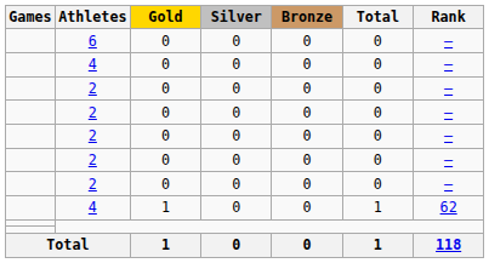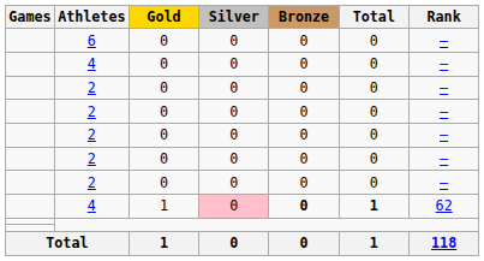 <table class="wikitable" style="text-align:center; font-size:90%;">
 <tr>
 <th>Games</th>
 <th>Athletes</th>
 <th style="background:gold; width:4.5em; font-weight:bold;">Gold</th>
 <th style="background:silver; width:4.5em; font-weight:bold;">Silver</th>
 <th style="background:#cc9966; width:4.5em; font-weight:bold;">Bronze</th>
 <th style="width:4.5em; font-weight:bold;">Total</th>
 <th style="width:4.5em; font-weight:bold;">Rank</th>
 </tr>
 <tr>
 <td align=left></td>
 <td><a href='#'>6</a></td>
 <td>0</td>
 <td>0</td>
 <td>0</td>
 <td>0</td>
 <td><a href='#'>–</a></td>
 </tr>
 <tr>
 <td align=left></td>
 <td><a href='#'>4</a></td>
 <td>0</td>
 <td>0</td>
 <td>0</td>
 <td>0</td>
 <td><a href='#'>–</a></td>
 </tr>
 <tr>
 <td align=left></td>
 <td><a href='#'>2</a></td>
 <td>0</td>
 <td>0</td>
 <td>0</td>
 <td>0</td>
 <td><a href='#'>–</a></td>
 </tr>
 <tr>
 <td align=left></td>
 <td><a href='#'>2</a></td>
 <td>0</td>
 <td>0</td>
 <td>0</td>
 <td>0</td>
 <td><a href='#'>–</a></td>
 </tr>
 <tr>
 <td align=left></td>
 <td><a href='#'>2</a></td>
 <td>0</td>
 <td>0</td>
 <td>0</td>
 <td>0</td>
 <td><a href='#'>–</a></td>
 </tr>
 <tr>
 <td align=left></td>
 <td><a href='#'>2</a></td>
 <td>0</td>
 <td>0</td>
 <td>0</td>
 <td>0</td>
 <td><a href='#'>–</a></td>
 </tr>
 <tr>
 <td align=left></td>
 <td><a href='#'>2</a></td>
 <td>0</td>
 <td>0</td>
 <td>0</td>
 <td>0</td>
 <td><a href='#'>–</a></td>
 </tr>
 <tr>
 <td align=left></td>
 <td><a href='#'>4</a></td>
 <td>1</td>
-<td>0</td>
-<td>0</td>
-<td>1</td>
+<td style="background: pink;">0</td>
+<td><strong>0</strong></td>
+<td><strong>1</strong></td>
 <td><a href='#'>62</a></td>
 </tr>
 <tr>
 <td align=left></td>
 </tr>
 <tr>
 <td align=left></td>
 </tr>
 <tr>
 <th colspan=2>Total</th>
 <th>1</th>
 <th>0</th>
 <th>0</th>
 <th>1</th>
 <th><a href='#'>118</a></th>
 </tr>
 </table>
